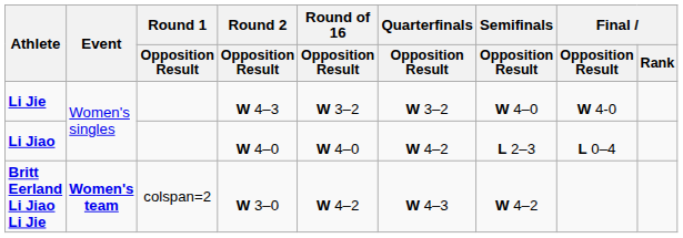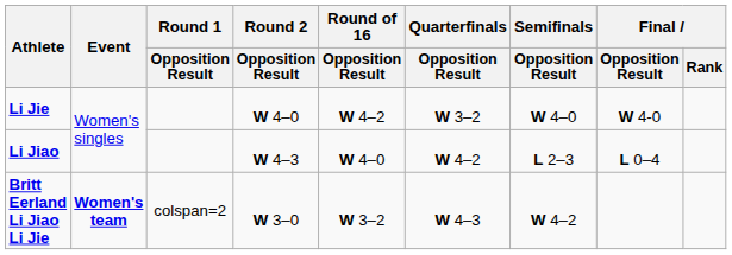 <table class="wikitable" style="text-align:center; font-size:90%">
 <tr>
 <th rowspan=2>Athlete</th>
 <th rowspan=2>Event</th>
 <th>Round 1</th>
 <th>Round 2</th>
 <th>Round of 16</th>
 <th>Quarterfinals</th>
 <th>Semifinals</th>
 <th colspan=2>Final / </th>
 </tr>
 <tr style="font-size:95%">
 <th>Opposition<br>Result</th>
 <th>Opposition<br>Result</th>
 <th>Opposition<br>Result</th>
 <th>Opposition<br>Result</th>
 <th>Opposition<br>Result</th>
 <th>Opposition<br>Result</th>
 <th>Rank</th>
 </tr>
 <tr>
 <td align=left><strong><a href='#'>Li Jie</a></strong></td>
 <td rowspan=2 align=left><a href='#'>Women's singles</a></td>
 <td></td>
-<td><br><strong>W</strong> 4–3</td>
-<td><br><strong>W</strong> 3–2</td>
+<td><br><strong>W</strong> 4–0</td>
+<td><br><strong>W</strong> 4–2</td>
 <td><br><strong>W</strong> 3–2</td>
 <td><br><strong>W</strong> 4–0</td>
 <td><br><strong>W</strong> 4-0</td>
 <td></td>
 </tr>
 <tr>
 <td align=left><strong><a href='#'>Li Jiao</a></strong></td>
 <td></td>
-<td><br><strong>W</strong> 4–0</td>
+<td><br><strong>W</strong> 4–3</td>
 <td><br><strong>W</strong> 4–0</td>
 <td><br><strong>W</strong> 4–2</td>
 <td><br><strong>L</strong> 2–3</td>
 <td><br><strong>L</strong> 0–4</td>
 <td></td>
 </tr>
 <tr>
 <td align=left><strong><a href='#'>Britt Eerland</a><br><a href='#'>Li Jiao</a><br><a href='#'>Li Jie</a></strong></td>
 <td><strong><a href='#'>Women's team</a></strong></td>
 <td>colspan=2 </td>
 <td><br><strong>W</strong> 3–0</td>
-<td><br><strong>W</strong> 4–2</td>
+<td><br><strong>W</strong> 3–2</td>
 <td><br><strong>W</strong> 4–3</td>
 <td><br><strong>W</strong> 4–2</td>
 <td></td>
 </tr>
 </table>
